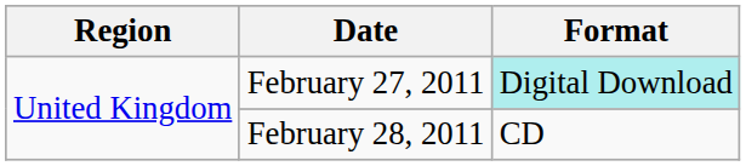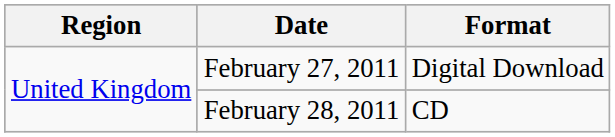 <table class="wikitable">
 <tr>
 <th>Region</th>
 <th>Date</th>
 <th>Format</th>
 </tr>
 <tr>
 <td rowspan="2"><a href='#'>United Kingdom</a></td>
 <td>February 27, 2011</td>
-<td style="background: paleturquoise;">Digital Download</td>
+<td>Digital Download</td>
 </tr>
 <tr>
 <td>February 28, 2011</td>
 <td>CD</td>
 </tr>
 </table>
